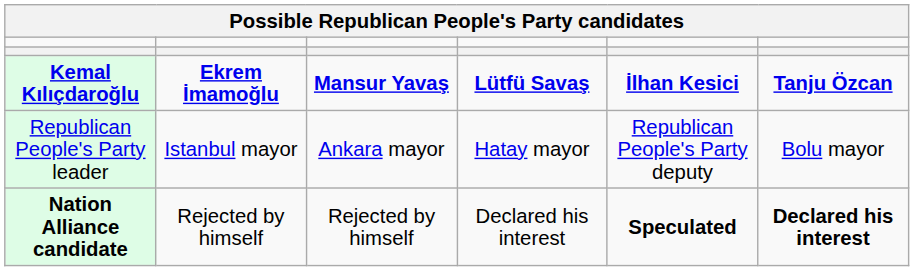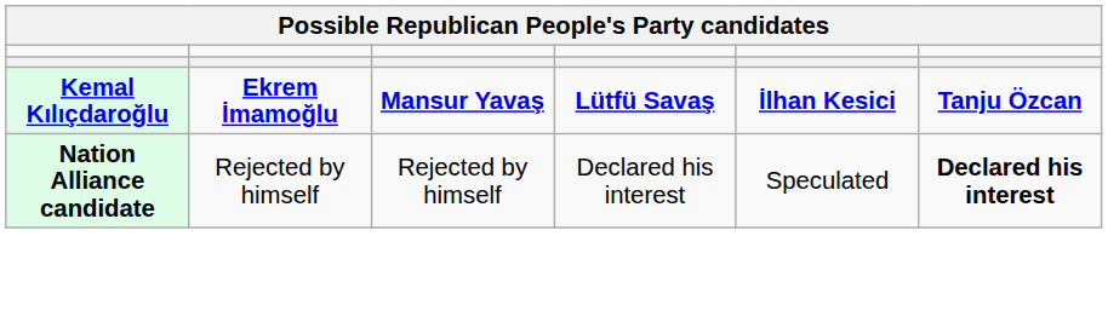 <table class="wikitable" style="margin:1em auto; font-size:90%; text-align:center;">
 <tr>
 <th colspan="6">Possible Republican People's Party candidates</th>
 </tr>
 <tr>
 <td></td>
 <td></td>
 <td></td>
 <td></td>
 <td></td>
 <td></td>
 </tr>
 <tr>
 <th style="width:100px; font-size:100%; background:"></th>
 <th style="width:100px; font-size:100%; background:"></th>
 <th style="width:100px; font-size:100%; background:"></th>
 <th style="width:100px; font-size:100%; background:"></th>
 <th style="width:100px; font-size:100%; background:"></th>
 <th style="width:100px; font-size:100%; background:"></th>
 </tr>
 <tr>
 <td style="background:#DEFDE6;"><strong><a href='#'>Kemal Kılıçdaroğlu</a></strong></td>
 <td><strong><a href='#'>Ekrem İmamoğlu</a></strong></td>
 <td><strong><a href='#'>Mansur Yavaş</a></strong></td>
 <td><strong><a href='#'>Lütfü Savaş</a></strong></td>
 <td><strong><a href='#'>İlhan Kesici</a></strong></td>
 <td><strong><a href='#'>Tanju Özcan</a></strong></td>
 </tr>
 <tr>
-<td style="background:#DEFDE6;"><a href='#'>Republican People's Party</a> leader</td>
-<td><a href='#'>Istanbul</a> mayor</td>
-<td><a href='#'>Ankara</a> mayor</td>
-<td><a href='#'>Hatay</a> mayor</td>
-<td><a href='#'>Republican People's Party</a> deputy</td>
-<td><a href='#'>Bolu</a> mayor</td>
-</tr>
-<tr>
 <td style="background:#DEFDE6;"><strong>Nation Alliance candidate</strong></td>
 <td>Rejected by himself</td>
 <td>Rejected by himself</td>
 <td>Declared his interest</td>
-<td><strong>Speculated</strong></td>
+<td>Speculated</td>
 <td><strong>Declared his interest</strong></td>
 </tr>
 </table>
